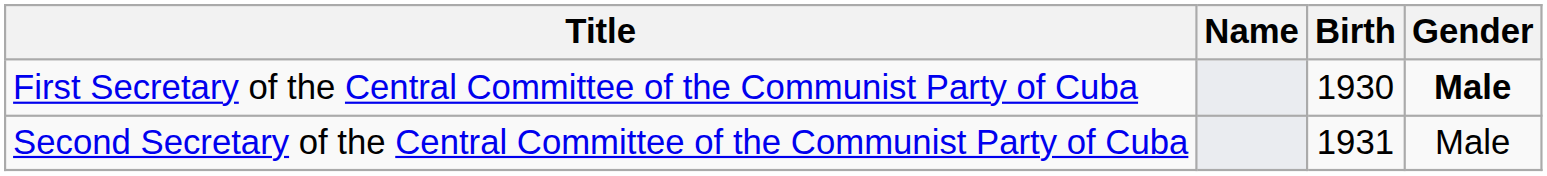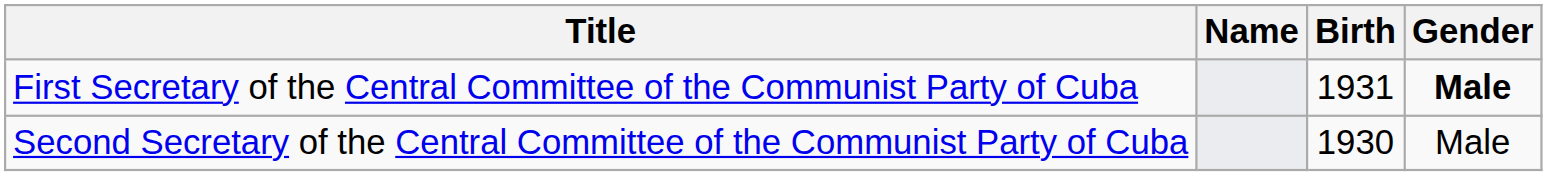 <table class="wikitable sortable" style=text-align:center>
 <tr>
 <th>Title</th>
 <th>Name</th>
 <th>Birth</th>
 <th>Gender</th>
 </tr>
 <tr>
 <td align="left"><a href='#'>First Secretary</a> of the <a href='#'>Central Committee of the Communist Party of Cuba</a></td>
 <td bgcolor = #EAECF0></td>
-<td>1930</td>
+<td>1931</td>
 <td><strong>Male</strong></td>
 </tr>
 <tr>
 <td align="left"><a href='#'>Second Secretary</a> of the <a href='#'>Central Committee of the Communist Party of Cuba</a></td>
 <td bgcolor = #EAECF0></td>
-<td>1931</td>
+<td>1930</td>
 <td>Male</td>
 </tr>
 </table>
